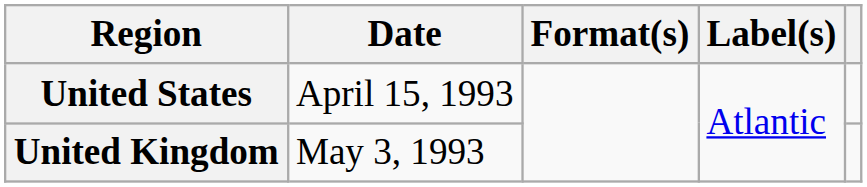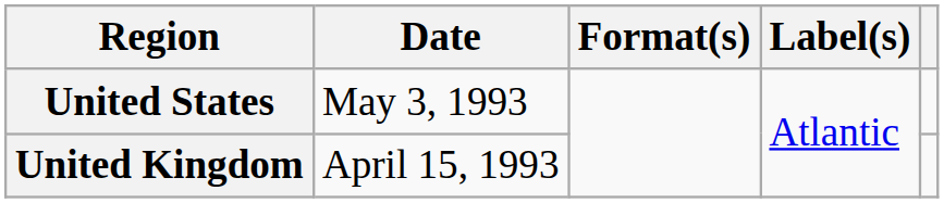 <table class="wikitable plainrowheaders">
 <tr>
 <th scope="col">Region</th>
 <th scope="col">Date</th>
 <th scope="col">Format(s)</th>
 <th scope="col">Label(s)</th>
 <th scope="col"></th>
 </tr>
 <tr>
 <th scope="row">United States</th>
-<td>April 15, 1993</td>
+<td>May 3, 1993</td>
 <td rowspan="2"></td>
 <td rowspan="2"><a href='#'>Atlantic</a></td>
 <td></td>
 </tr>
 <tr>
 <th scope="row">United Kingdom</th>
-<td>May 3, 1993</td>
+<td>April 15, 1993</td>
 <td></td>
 </tr>
 </table>
